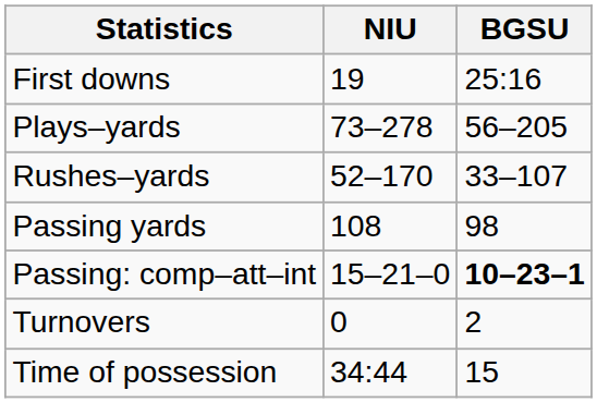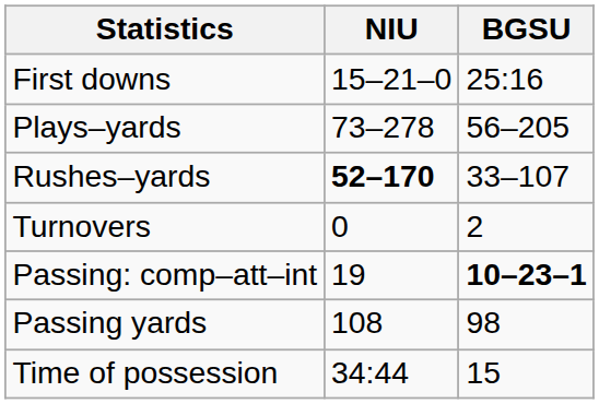 <table class="wikitable" style="float:left">
 <tr>
 <th>Statistics</th>
 <th>NIU</th>
 <th>BGSU</th>
 </tr>
 <tr>
 <td>First downs</td>
-<td>19</td>
+<td>15–21–0</td>
 <td>25:16</td>
 </tr>
 <tr>
 <td>Plays–yards</td>
 <td>73–278</td>
 <td>56–205</td>
 </tr>
 <tr>
 <td>Rushes–yards</td>
-<td>52–170</td>
+<td><strong>52–170</strong></td>
 <td>33–107</td>
+</tr>
+<tr>
+<td>Turnovers</td>
+<td>0</td>
+<td>2</td>
+</tr>
+<tr>
+<td>Passing: comp–att–int</td>
+<td>19</td>
+<td><strong>10–23–1</strong></td>
 </tr>
 <tr>
 <td>Passing yards</td>
 <td>108</td>
 <td>98</td>
 </tr>
 <tr>
-<td>Passing: comp–att–int</td>
-<td>15–21–0</td>
-<td><strong>10–23–1</strong></td>
-</tr>
-<tr>
-<td>Turnovers</td>
-<td>0</td>
-<td>2</td>
-</tr>
-<tr>
 <td>Time of possession</td>
 <td>34:44</td>
 <td>15</td>
 </tr>
 </table>
